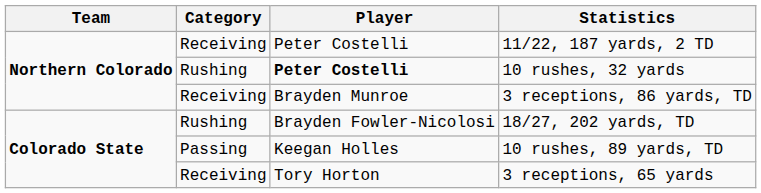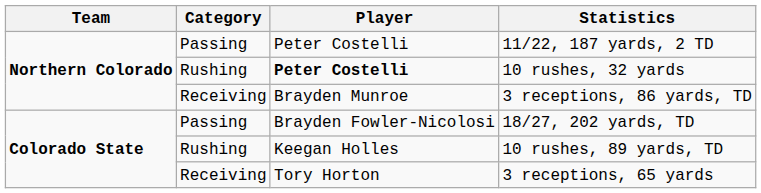 <table class="wikitable" style="float: right;">
 <tr>
 <th>Team</th>
 <th>Category</th>
 <th>Player</th>
 <th>Statistics</th>
 </tr>
 <tr>
 <td rowspan=3><strong>Northern Colorado</strong></td>
-<td>Receiving</td>
+<td>Passing</td>
 <td>Peter Costelli</td>
 <td>11/22, 187 yards, 2 TD</td>
 </tr>
 <tr>
 <td>Rushing</td>
 <td><strong>Peter Costelli</strong></td>
 <td>10 rushes, 32 yards</td>
 </tr>
 <tr>
 <td>Receiving</td>
 <td>Brayden Munroe</td>
 <td>3 receptions, 86 yards, TD</td>
 </tr>
 <tr>
 <td rowspan=3><strong>Colorado State</strong></td>
-<td>Rushing</td>
+<td>Passing</td>
 <td>Brayden Fowler-Nicolosi</td>
 <td>18/27, 202 yards, TD</td>
 </tr>
 <tr>
-<td>Passing</td>
+<td>Rushing</td>
 <td>Keegan Holles</td>
 <td>10 rushes, 89 yards, TD</td>
 </tr>
 <tr>
 <td>Receiving</td>
 <td>Tory Horton</td>
 <td>3 receptions, 65 yards</td>
 </tr>
 </table>
